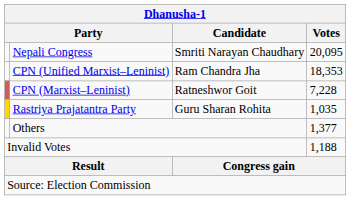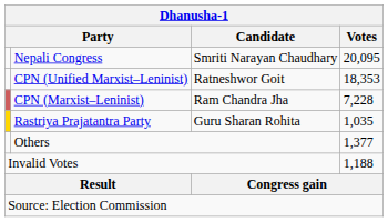 <table class="wikitable">
 <tr>
 <th colspan="4"><a href='#'>Dhanusha-1</a></th>
 </tr>
 <tr>
 <th colspan="2">Party</th>
 <th>Candidate</th>
 <th>Votes</th>
 </tr>
 <tr>
 <td style="background-color:"></td>
 <td><a href='#'>Nepali Congress</a></td>
 <td>Smriti Narayan Chaudhary</td>
 <td>20,095</td>
 </tr>
 <tr>
 <td style="background-color:"></td>
 <td><a href='#'>CPN (Unified Marxist–Leninist)</a></td>
-<td>Ram Chandra Jha</td>
+<td>Ratneshwor Goit</td>
 <td>18,353</td>
 </tr>
 <tr>
 <td style="background-color:indianred"></td>
 <td><a href='#'>CPN (Marxist–Leninist)</a></td>
-<td>Ratneshwor Goit</td>
+<td>Ram Chandra Jha</td>
 <td>7,228</td>
 </tr>
 <tr>
 <td style="background-color:gold"></td>
 <td><a href='#'>Rastriya Prajatantra Party</a></td>
 <td>Guru Sharan Rohita</td>
 <td>1,035</td>
 </tr>
 <tr>
 <td></td>
 <td colspan="2">Others</td>
 <td>1,377</td>
 </tr>
 <tr>
 <td colspan="3">Invalid Votes</td>
 <td>1,188</td>
 </tr>
 <tr>
 <th colspan="2">Result</th>
 <th colspan="2">Congress gain</th>
 </tr>
 <tr>
 <td colspan="4">Source: Election Commission</td>
 </tr>
 </table>
